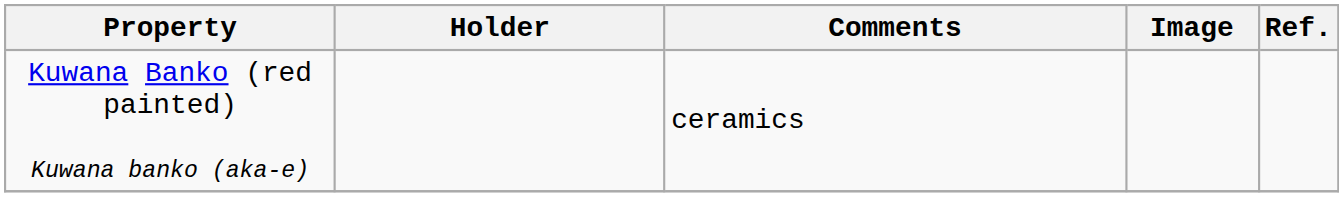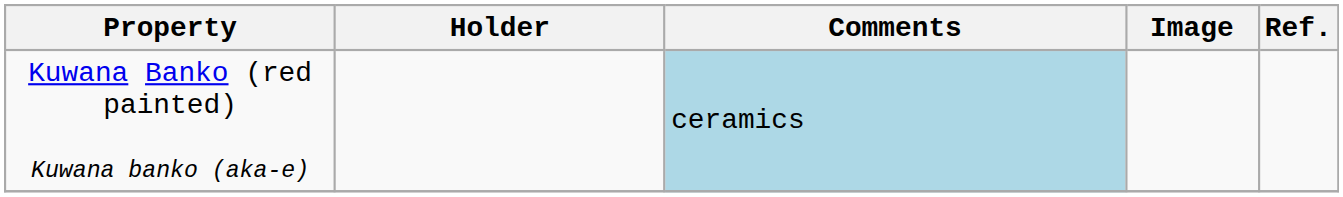 <table class="wikitable sortable"  style="width:100%;">
 <tr>
 <th width="25%" align="left">Property</th>
 <th width="25%" align="left">Holder</th>
 <th width="35%" align="left" class="unsortable">Comments</th>
 <th width="10%" align="left" class="unsortable">Image</th>
 <th width="5%" align="left" class="unsortable">Ref.</th>
 </tr>
 <tr>
 <td align="center"><a href='#'>Kuwana</a> <a href='#'>Banko</a> (red painted)<br><br><small><em>Kuwana banko (aka-e)</em></small></td>
 <td></td>
-<td>ceramics</td>
+<td style="background: lightblue;">ceramics</td>
 <td></td>
 <td></td>
 </tr>
 <tr>
 </tr>
 </table>
